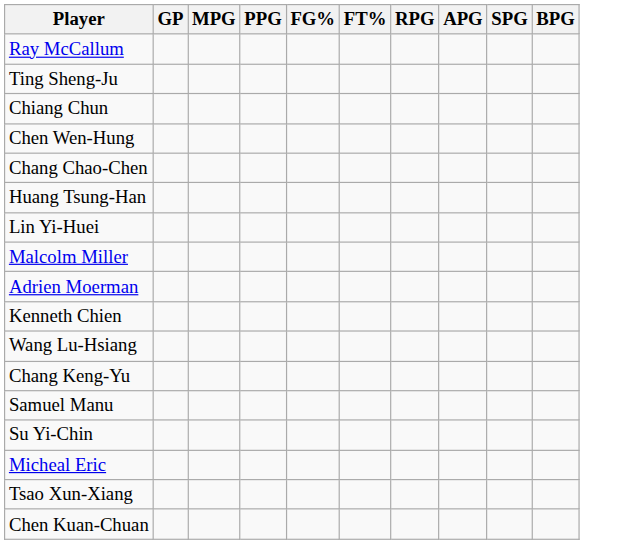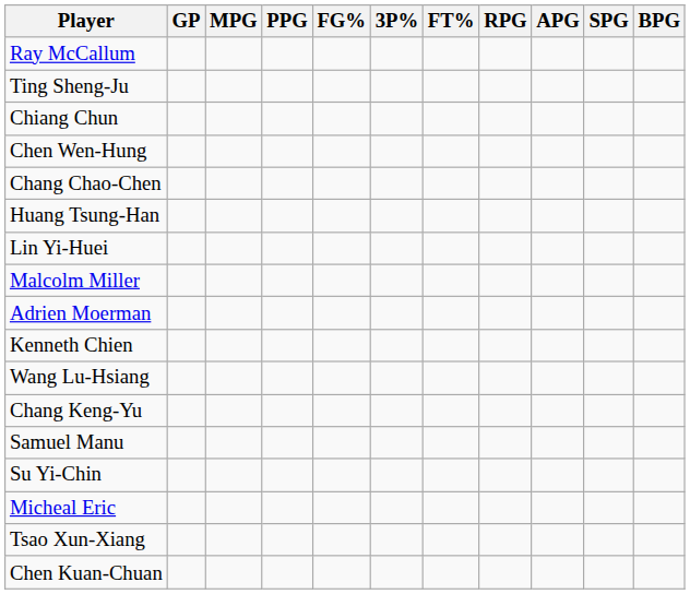 <table class="wikitable">
 <tr>
 <th>Player</th>
 <th>GP</th>
 <th>MPG</th>
 <th>PPG</th>
 <th>FG%</th>
+<th>3P%</th>
 <th>FT%</th>
 <th>RPG</th>
 <th>APG</th>
 <th>SPG</th>
 <th>BPG</th>
 </tr>
 <tr>
 <td><a href='#'>Ray McCallum</a></td>
+<td></td>
 <td></td>
 <td></td>
 <td></td>
 <td></td>
 <td></td>
 <td></td>
 <td></td>
 <td></td>
 <td></td>
 </tr>
 <tr>
 <td>Ting Sheng-Ju</td>
 <td></td>
 <td></td>
 <td></td>
 <td></td>
 <td></td>
 <td></td>
 <td></td>
 <td></td>
 <td></td>
+<td></td>
 </tr>
 <tr>
 <td>Chiang Chun</td>
+<td></td>
 <td></td>
 <td></td>
 <td></td>
 <td></td>
 <td></td>
 <td></td>
 <td></td>
 <td></td>
 <td></td>
 </tr>
 <tr>
 <td>Chen Wen-Hung</td>
 <td></td>
 <td></td>
 <td></td>
 <td></td>
 <td></td>
 <td></td>
 <td></td>
 <td></td>
 <td></td>
+<td></td>
 </tr>
 <tr>
 <td>Chang Chao-Chen</td>
+<td></td>
 <td></td>
 <td></td>
 <td></td>
 <td></td>
 <td></td>
 <td></td>
 <td></td>
 <td></td>
 <td></td>
 </tr>
 <tr>
 <td>Huang Tsung-Han</td>
 <td></td>
 <td></td>
 <td></td>
 <td></td>
 <td></td>
 <td></td>
 <td></td>
 <td></td>
 <td></td>
+<td></td>
 </tr>
 <tr>
 <td>Lin Yi-Huei</td>
+<td></td>
 <td></td>
 <td></td>
 <td></td>
 <td></td>
 <td></td>
 <td></td>
 <td></td>
 <td></td>
 <td></td>
 </tr>
 <tr>
 <td><a href='#'>Malcolm Miller</a></td>
 <td></td>
 <td></td>
 <td></td>
 <td></td>
 <td></td>
 <td></td>
 <td></td>
 <td></td>
 <td></td>
+<td></td>
 </tr>
 <tr>
 <td><a href='#'>Adrien Moerman</a></td>
+<td></td>
 <td></td>
 <td></td>
 <td></td>
 <td></td>
 <td></td>
 <td></td>
 <td></td>
 <td></td>
 <td></td>
 </tr>
 <tr>
 <td>Kenneth Chien</td>
 <td></td>
 <td></td>
 <td></td>
 <td></td>
 <td></td>
 <td></td>
 <td></td>
 <td></td>
 <td></td>
+<td></td>
 </tr>
 <tr>
 <td>Wang Lu-Hsiang</td>
+<td></td>
 <td></td>
 <td></td>
 <td></td>
 <td></td>
 <td></td>
 <td></td>
 <td></td>
 <td></td>
 <td></td>
 </tr>
 <tr>
 <td>Chang Keng-Yu</td>
 <td></td>
 <td></td>
 <td></td>
 <td></td>
 <td></td>
 <td></td>
 <td></td>
 <td></td>
 <td></td>
+<td></td>
 </tr>
 <tr>
 <td>Samuel Manu</td>
+<td></td>
 <td></td>
 <td></td>
 <td></td>
 <td></td>
 <td></td>
 <td></td>
 <td></td>
 <td></td>
 <td></td>
 </tr>
 <tr>
 <td>Su Yi-Chin</td>
 <td></td>
 <td></td>
 <td></td>
 <td></td>
 <td></td>
 <td></td>
 <td></td>
 <td></td>
 <td></td>
+<td></td>
 </tr>
 <tr>
 <td><a href='#'>Micheal Eric</a></td>
+<td></td>
 <td></td>
 <td></td>
 <td></td>
 <td></td>
 <td></td>
 <td></td>
 <td></td>
 <td></td>
 <td></td>
 </tr>
 <tr>
 <td>Tsao Xun-Xiang</td>
 <td></td>
 <td></td>
 <td></td>
 <td></td>
 <td></td>
 <td></td>
 <td></td>
 <td></td>
 <td></td>
+<td></td>
 </tr>
 <tr>
 <td>Chen Kuan-Chuan</td>
 <td></td>
 <td></td>
 <td></td>
 <td></td>
 <td></td>
 <td></td>
 <td></td>
 <td></td>
 <td></td>
+<td></td>
 </tr>
 </table>
